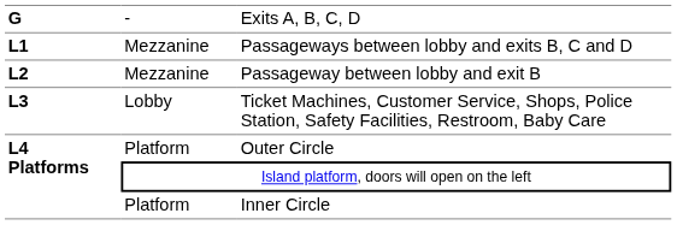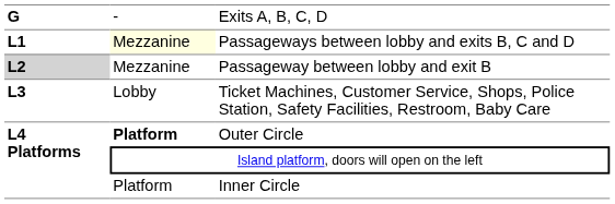 <table table border=0 cellspacing=0 cellpadding=3>
 <tr>
 <td style="border-top:solid 1px gray;" width=50 valign=top><strong>G</strong></td>
 <td style="border-top:solid 1px gray;" width=100 valign=top>-</td>
 <td style="border-top:solid 1px gray;" width=390 valign=top>Exits A, B, C, D</td>
 </tr>
 <tr>
 <td style="border-top:solid 1px gray;" width=50 valign=top><strong>L1</strong></td>
-<td style="border-top:solid 1px gray;" width=100 valign=top>Mezzanine</td>
+<td style="background: lightyellow; border-top:solid 1px gray;" width=100 valign=top>Mezzanine</td>
 <td style="border-top:solid 1px gray;" width=390 valign=top>Passageways between lobby and exits B, C and D</td>
 </tr>
 <tr>
-<td style="border-top:solid 1px gray;" width=50 valign=top><strong>L2</strong></td>
+<td style="background: lightgrey; border-top:solid 1px gray;" width=50 valign=top><strong>L2</strong></td>
 <td style="border-top:solid 1px gray;" width=100 valign=top>Mezzanine</td>
 <td style="border-top:solid 1px gray;" width=390 valign=top>Passageway between lobby and exit B</td>
 </tr>
 <tr>
 <td style="border-bottom:solid 1px gray; border-top:solid 1px gray;" valign=top width=100><strong>L3</strong></td>
 <td style="border-bottom:solid 1px gray; border-top:solid 1px gray;" valign=top width=100>Lobby</td>
 <td style="border-bottom:solid 1px gray; border-top:solid 1px gray;" valign=top width=390>Ticket Machines, Customer Service, Shops, Police Station, Safety Facilities, Restroom, Baby Care</td>
 </tr>
 <tr>
 <td style="border-bottom:solid 1px gray;" rowspan=3 valign=top><strong>L4<br>Platforms</strong></td>
-<td>Platform </td>
+<td><strong>Platform </strong></td>
 <td>  Outer Circle </td>
 </tr>
 <tr>
 <td style="border-right:solid 2px black;border-left:solid 2px black;border-top:solid 2px black;border-bottom:solid 2px black;text-align:center;" colspan=2><small><a href='#'>Island platform</a>, doors will open on the left</small></td>
 </tr>
 <tr>
 <td style="border-bottom:solid 1px gray;">Platform </td>
 <td style="border-bottom:solid 1px gray;"> Inner Circle  </td>
 </tr>
 <tr>
 </tr>
 </table>
